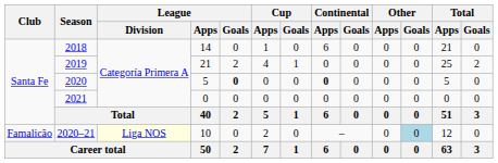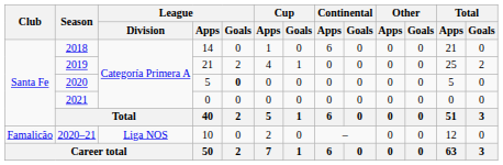 <table class="wikitable" style="text-align: center">
 <tr>
 <th rowspan="2">Club</th>
 <th rowspan="2">Season</th>
 <th colspan="3">League</th>
 <th colspan="2">Cup</th>
 <th colspan="2">Continental</th>
 <th colspan="2">Other</th>
 <th colspan="2">Total</th>
 </tr>
 <tr>
 <th>Division</th>
 <th>Apps</th>
 <th>Goals</th>
 <th>Apps</th>
 <th>Goals</th>
 <th>Apps</th>
 <th>Goals</th>
 <th>Apps</th>
 <th>Goals</th>
 <th>Apps</th>
 <th>Goals</th>
 </tr>
 <tr>
 <td rowspan="5"><a href='#'>Santa Fe</a></td>
 <td><a href='#'>2018</a></td>
 <td rowspan="4"><a href='#'>Categoría Primera A</a></td>
 <td>14</td>
 <td>0</td>
 <td>1</td>
 <td>0</td>
 <td>6</td>
 <td>0</td>
 <td>0</td>
 <td>0</td>
 <td>21</td>
 <td>0</td>
 </tr>
 <tr>
 <td><a href='#'>2019</a></td>
 <td>21</td>
 <td>2</td>
 <td>4</td>
 <td>1</td>
 <td>0</td>
 <td>0</td>
 <td>0</td>
 <td>0</td>
 <td>25</td>
 <td>2</td>
 </tr>
 <tr>
 <td><a href='#'>2020</a></td>
 <td>5</td>
 <td><strong>0</strong></td>
 <td>0</td>
 <td>0</td>
-<td><strong>0</strong></td>
+<td>0</td>
 <td>0</td>
 <td>0</td>
 <td>0</td>
 <td>5</td>
 <td>0</td>
 </tr>
 <tr>
 <td><a href='#'>2021</a></td>
 <td>0</td>
 <td>0</td>
 <td>0</td>
 <td>0</td>
 <td>0</td>
 <td>0</td>
 <td>0</td>
 <td>0</td>
 <td>0</td>
 <td>0</td>
 </tr>
 <tr>
 <th colspan="2"><strong>Total</strong></th>
 <th>40</th>
 <th>2</th>
 <th>5</th>
 <th>1</th>
 <th>6</th>
 <th>0</th>
 <th>0</th>
 <th>0</th>
 <th>51</th>
 <th>3</th>
 </tr>
 <tr>
 <td><a href='#'>Famalicão</a></td>
 <td><a href='#'>2020–21</a></td>
-<td style="background: lightyellow;"><a href='#'>Liga NOS</a></td>
+<td><a href='#'>Liga NOS</a></td>
 <td>10</td>
 <td>0</td>
 <td>2</td>
 <td>0</td>
 <td colspan="2">–</td>
 <td>0</td>
-<td style="background: lightblue;">0</td>
+<td>0</td>
 <td>12</td>
 <td>0</td>
 </tr>
 <tr>
 <th colspan="3"><strong>Career total</strong></th>
 <th>50</th>
 <th>2</th>
 <th>7</th>
 <th>1</th>
 <th>6</th>
 <th>0</th>
 <th>0</th>
 <th>0</th>
 <th>63</th>
 <th>3</th>
 </tr>
 </table>
